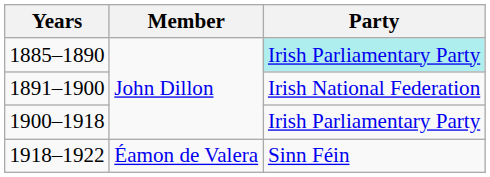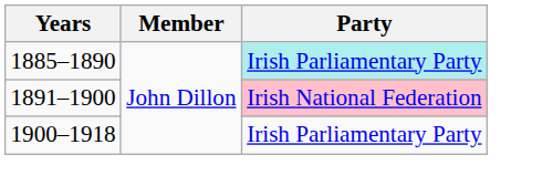 <table class="wikitable">
 <tr>
 <th>Years</th>
 <th>Member</th>
 <th>Party</th>
 </tr>
 <tr>
 <td>1885–1890</td>
 <td rowspan=3><a href='#'>John Dillon</a></td>
 <td style="background: paleturquoise;"><a href='#'>Irish Parliamentary Party</a></td>
 </tr>
 <tr>
 <td>1891–1900</td>
-<td><a href='#'>Irish National Federation</a></td>
+<td style="background: pink;"><a href='#'>Irish National Federation</a></td>
 </tr>
 <tr>
 <td>1900–1918</td>
 <td><a href='#'>Irish Parliamentary Party</a></td>
 </tr>
-<tr>
-<td>1918–1922</td>
-<td><a href='#'>Éamon de Valera</a></td>
-<td><a href='#'>Sinn Féin</a></td>
-</tr>
 </table>
